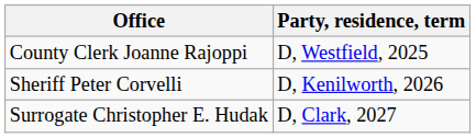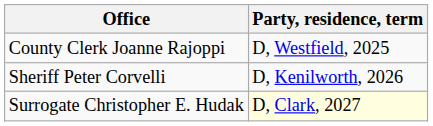 <table class="wikitable sortable">
 <tr>
 <th>Office</th>
 <th>Party, residence, term</th>
 </tr>
 <tr>
 <td>County Clerk Joanne Rajoppi</td>
 <td>D, <a href='#'>Westfield</a>, 2025</td>
 </tr>
 <tr>
 <td>Sheriff Peter Corvelli</td>
 <td>D, <a href='#'>Kenilworth</a>, 2026</td>
 </tr>
 <tr>
 <td>Surrogate Christopher E. Hudak</td>
-<td>D, <a href='#'>Clark</a>, 2027</td>
+<td style="background: lightyellow;">D, <a href='#'>Clark</a>, 2027</td>
 </tr>
 </table>
